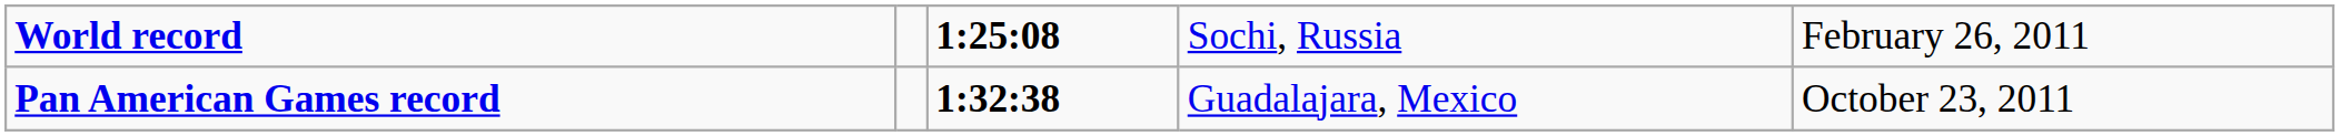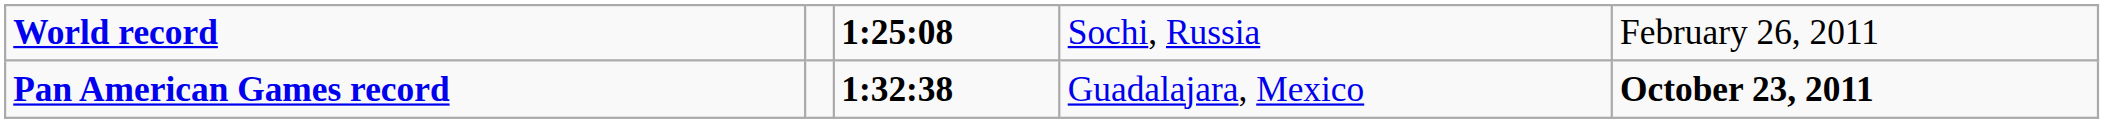 <table class="wikitable" width=75%>
 <tr>
 <td><strong><a href='#'>World record</a></strong></td>
 <td></td>
 <td><strong>1:25:08</strong></td>
 <td><a href='#'>Sochi</a>, <a href='#'>Russia</a></td>
 <td>February 26, 2011</td>
 </tr>
 <tr>
 <td><strong><a href='#'>Pan American Games record</a></strong></td>
 <td></td>
 <td><strong>1:32:38</strong></td>
 <td><a href='#'>Guadalajara</a>, <a href='#'>Mexico</a></td>
-<td>October 23, 2011</td>
+<td><strong>October 23, 2011</strong></td>
 </tr>
 </table>
